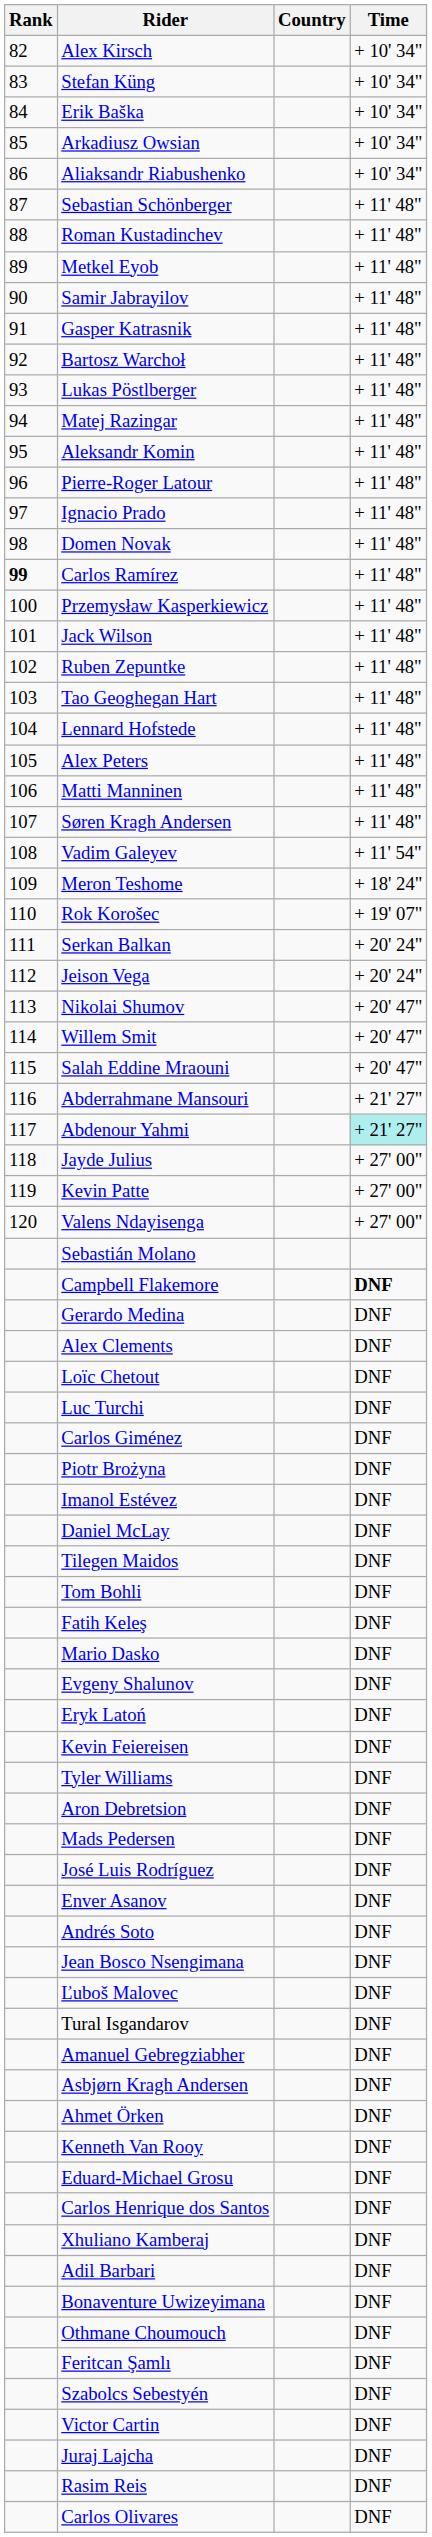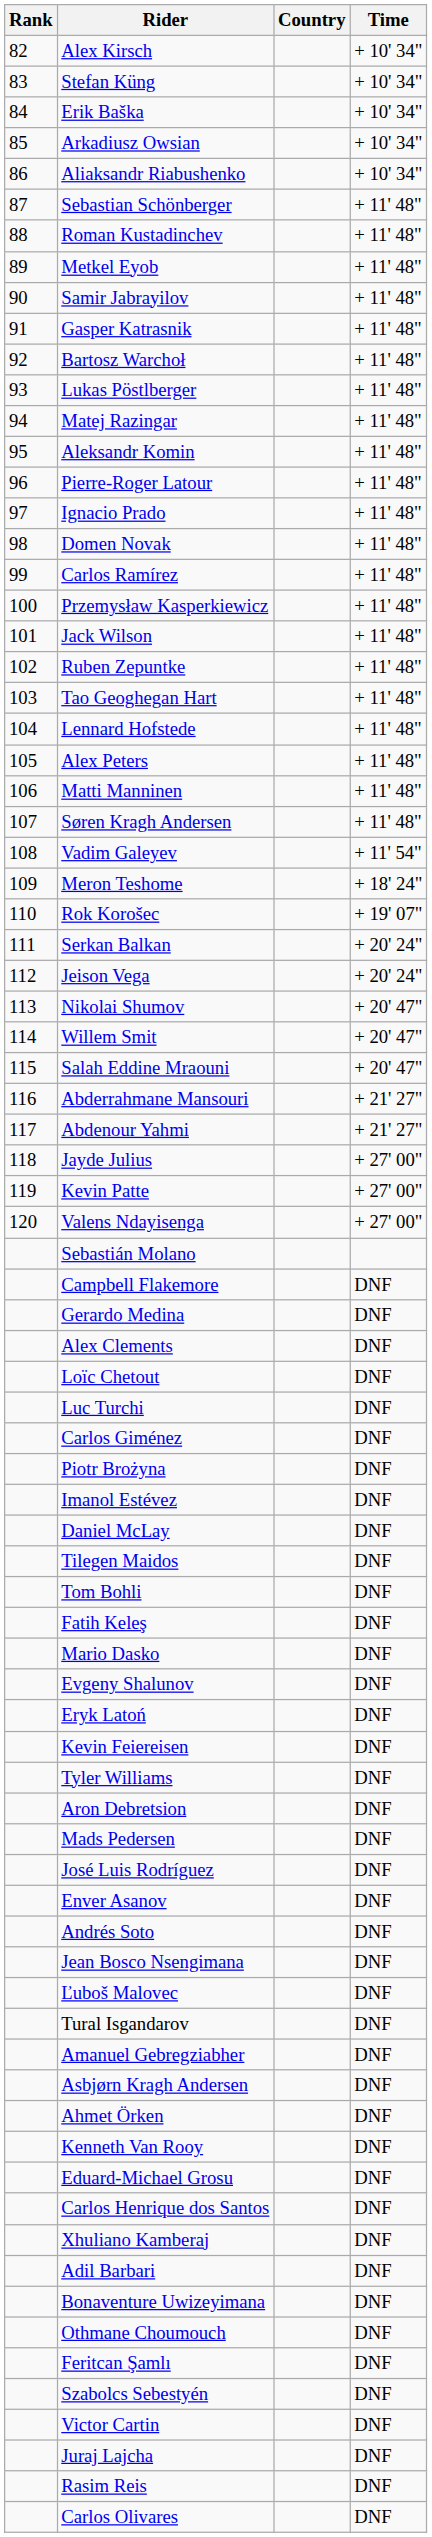 <table class="wikitable" style="font-size:95%; text-align:left;">
 <tr>
 <th>Rank</th>
 <th>Rider</th>
 <th>Country</th>
 <th>Time</th>
 </tr>
 <tr>
 <td>82</td>
 <td><a href='#'>Alex Kirsch</a></td>
 <td></td>
 <td>+ 10' 34"</td>
 </tr>
 <tr>
 <td>83</td>
 <td><a href='#'>Stefan Küng</a></td>
 <td></td>
 <td>+ 10' 34"</td>
 </tr>
 <tr>
 <td>84</td>
 <td><a href='#'>Erik Baška</a></td>
 <td></td>
 <td>+ 10' 34"</td>
 </tr>
 <tr>
 <td>85</td>
 <td><a href='#'>Arkadiusz Owsian</a></td>
 <td></td>
 <td>+ 10' 34"</td>
 </tr>
 <tr>
 <td>86</td>
 <td><a href='#'>Aliaksandr Riabushenko</a></td>
 <td></td>
 <td>+ 10' 34"</td>
 </tr>
 <tr>
 <td>87</td>
 <td><a href='#'>Sebastian Schönberger</a></td>
 <td></td>
 <td>+ 11' 48"</td>
 </tr>
 <tr>
 <td>88</td>
 <td><a href='#'>Roman Kustadinchev</a></td>
 <td></td>
 <td>+ 11' 48"</td>
 </tr>
 <tr>
 <td>89</td>
 <td><a href='#'>Metkel Eyob</a></td>
 <td></td>
 <td>+ 11' 48"</td>
 </tr>
 <tr>
 <td>90</td>
 <td><a href='#'>Samir Jabrayilov</a></td>
 <td></td>
 <td>+ 11' 48"</td>
 </tr>
 <tr>
 <td>91</td>
 <td><a href='#'>Gasper Katrasnik</a></td>
 <td></td>
 <td>+ 11' 48"</td>
 </tr>
 <tr>
 <td>92</td>
 <td><a href='#'>Bartosz Warchoł</a></td>
 <td></td>
 <td>+ 11' 48"</td>
 </tr>
 <tr>
 <td>93</td>
 <td><a href='#'>Lukas Pöstlberger</a></td>
 <td></td>
 <td>+ 11' 48"</td>
 </tr>
 <tr>
 <td>94</td>
 <td><a href='#'>Matej Razingar</a></td>
 <td></td>
 <td>+ 11' 48"</td>
 </tr>
 <tr>
 <td>95</td>
 <td><a href='#'>Aleksandr Komin</a></td>
 <td></td>
 <td>+ 11' 48"</td>
 </tr>
 <tr>
 <td>96</td>
 <td><a href='#'>Pierre-Roger Latour</a></td>
 <td></td>
 <td>+ 11' 48"</td>
 </tr>
 <tr>
 <td>97</td>
 <td><a href='#'>Ignacio Prado</a></td>
 <td></td>
 <td>+ 11' 48"</td>
 </tr>
 <tr>
 <td>98</td>
 <td><a href='#'>Domen Novak</a></td>
 <td></td>
 <td>+ 11' 48"</td>
 </tr>
 <tr>
-<td><strong>99</strong></td>
+<td>99</td>
 <td><a href='#'>Carlos Ramírez</a></td>
 <td></td>
 <td>+ 11' 48"</td>
 </tr>
 <tr>
 <td>100</td>
 <td><a href='#'>Przemysław Kasperkiewicz</a></td>
 <td></td>
 <td>+ 11' 48"</td>
 </tr>
 <tr>
 <td>101</td>
 <td><a href='#'>Jack Wilson</a></td>
 <td></td>
 <td>+ 11' 48"</td>
 </tr>
 <tr>
 <td>102</td>
 <td><a href='#'>Ruben Zepuntke</a></td>
 <td></td>
 <td>+ 11' 48"</td>
 </tr>
 <tr>
 <td>103</td>
 <td><a href='#'>Tao Geoghegan Hart</a></td>
 <td></td>
 <td>+ 11' 48"</td>
 </tr>
 <tr>
 <td>104</td>
 <td><a href='#'>Lennard Hofstede</a></td>
 <td></td>
 <td>+ 11' 48"</td>
 </tr>
 <tr>
 <td>105</td>
 <td><a href='#'>Alex Peters</a></td>
 <td></td>
 <td>+ 11' 48"</td>
 </tr>
 <tr>
 <td>106</td>
 <td><a href='#'>Matti Manninen</a></td>
 <td></td>
 <td>+ 11' 48"</td>
 </tr>
 <tr>
 <td>107</td>
 <td><a href='#'>Søren Kragh Andersen</a></td>
 <td></td>
 <td>+ 11' 48"</td>
 </tr>
 <tr>
 <td>108</td>
 <td><a href='#'>Vadim Galeyev</a></td>
 <td></td>
 <td>+ 11' 54"</td>
 </tr>
 <tr>
 <td>109</td>
 <td><a href='#'>Meron Teshome</a></td>
 <td></td>
 <td>+ 18' 24"</td>
 </tr>
 <tr>
 <td>110</td>
 <td><a href='#'>Rok Korošec</a></td>
 <td></td>
 <td>+ 19' 07"</td>
 </tr>
 <tr>
 <td>111</td>
 <td><a href='#'>Serkan Balkan</a></td>
 <td></td>
 <td>+ 20' 24"</td>
 </tr>
 <tr>
 <td>112</td>
 <td><a href='#'>Jeison Vega</a></td>
 <td></td>
 <td>+ 20' 24"</td>
 </tr>
 <tr>
 <td>113</td>
 <td><a href='#'>Nikolai Shumov</a></td>
 <td></td>
 <td>+ 20' 47"</td>
 </tr>
 <tr>
 <td>114</td>
 <td><a href='#'>Willem Smit</a></td>
 <td></td>
 <td>+ 20' 47"</td>
 </tr>
 <tr>
 <td>115</td>
 <td><a href='#'>Salah Eddine Mraouni</a></td>
 <td></td>
 <td>+ 20' 47"</td>
 </tr>
 <tr>
 <td>116</td>
 <td><a href='#'>Abderrahmane Mansouri</a></td>
 <td></td>
 <td>+ 21' 27"</td>
 </tr>
 <tr>
 <td>117</td>
 <td><a href='#'>Abdenour Yahmi</a></td>
 <td></td>
-<td style="background: paleturquoise;">+ 21' 27"</td>
+<td>+ 21' 27"</td>
 </tr>
 <tr>
 <td>118</td>
 <td><a href='#'>Jayde Julius</a></td>
 <td></td>
 <td>+ 27' 00"</td>
 </tr>
 <tr>
 <td>119</td>
 <td><a href='#'>Kevin Patte</a></td>
 <td></td>
 <td>+ 27' 00"</td>
 </tr>
 <tr>
 <td>120</td>
 <td><a href='#'>Valens Ndayisenga</a></td>
 <td></td>
 <td>+ 27' 00"</td>
 </tr>
 <tr>
 <td></td>
 <td><a href='#'>Sebastián Molano</a></td>
 <td></td>
 <td></td>
 </tr>
 <tr>
 <td></td>
 <td><a href='#'>Campbell Flakemore</a></td>
 <td></td>
-<td><strong>DNF</strong></td>
+<td>DNF</td>
 </tr>
 <tr>
 <td></td>
 <td><a href='#'>Gerardo Medina</a></td>
 <td></td>
 <td>DNF</td>
 </tr>
 <tr>
 <td></td>
 <td><a href='#'>Alex Clements</a></td>
 <td></td>
 <td>DNF</td>
 </tr>
 <tr>
 <td></td>
 <td><a href='#'>Loïc Chetout</a></td>
 <td></td>
 <td>DNF</td>
 </tr>
 <tr>
 <td></td>
 <td><a href='#'>Luc Turchi</a></td>
 <td></td>
 <td>DNF</td>
 </tr>
 <tr>
 <td></td>
 <td><a href='#'>Carlos Giménez</a></td>
 <td></td>
 <td>DNF</td>
 </tr>
 <tr>
 <td></td>
 <td><a href='#'>Piotr Brożyna</a></td>
 <td></td>
 <td>DNF</td>
 </tr>
 <tr>
 <td></td>
 <td><a href='#'>Imanol Estévez</a></td>
 <td></td>
 <td>DNF</td>
 </tr>
 <tr>
 <td></td>
 <td><a href='#'>Daniel McLay</a></td>
 <td></td>
 <td>DNF</td>
 </tr>
 <tr>
 <td></td>
 <td><a href='#'>Tilegen Maidos</a></td>
 <td></td>
 <td>DNF</td>
 </tr>
 <tr>
 <td></td>
 <td><a href='#'>Tom Bohli</a></td>
 <td></td>
 <td>DNF</td>
 </tr>
 <tr>
 <td></td>
 <td><a href='#'>Fatih Keleş</a></td>
 <td></td>
 <td>DNF</td>
 </tr>
 <tr>
 <td></td>
 <td><a href='#'>Mario Dasko</a></td>
 <td></td>
 <td>DNF</td>
 </tr>
 <tr>
 <td></td>
 <td><a href='#'>Evgeny Shalunov</a></td>
 <td></td>
 <td>DNF</td>
 </tr>
 <tr>
 <td></td>
 <td><a href='#'>Eryk Latoń</a></td>
 <td></td>
 <td>DNF</td>
 </tr>
 <tr>
 <td></td>
 <td><a href='#'>Kevin Feiereisen</a></td>
 <td></td>
 <td>DNF</td>
 </tr>
 <tr>
 <td></td>
 <td><a href='#'>Tyler Williams</a></td>
 <td></td>
 <td>DNF</td>
 </tr>
 <tr>
 <td></td>
 <td><a href='#'>Aron Debretsion</a></td>
 <td></td>
 <td>DNF</td>
 </tr>
 <tr>
 <td></td>
 <td><a href='#'>Mads Pedersen</a></td>
 <td></td>
 <td>DNF</td>
 </tr>
 <tr>
 <td></td>
 <td><a href='#'>José Luis Rodríguez</a></td>
 <td></td>
 <td>DNF</td>
 </tr>
 <tr>
 <td></td>
 <td><a href='#'>Enver Asanov</a></td>
 <td></td>
 <td>DNF</td>
 </tr>
 <tr>
 <td></td>
 <td><a href='#'>Andrés Soto</a></td>
 <td></td>
 <td>DNF</td>
 </tr>
 <tr>
 <td></td>
 <td><a href='#'>Jean Bosco Nsengimana</a></td>
 <td></td>
 <td>DNF</td>
 </tr>
 <tr>
 <td></td>
 <td><a href='#'>Ľuboš Malovec</a></td>
 <td></td>
 <td>DNF</td>
 </tr>
 <tr>
 <td></td>
 <td>Tural Isgandarov</td>
 <td></td>
 <td>DNF</td>
 </tr>
 <tr>
 <td></td>
 <td><a href='#'>Amanuel Gebregziabher</a></td>
 <td></td>
 <td>DNF</td>
 </tr>
 <tr>
 <td></td>
 <td><a href='#'>Asbjørn Kragh Andersen</a></td>
 <td></td>
 <td>DNF</td>
 </tr>
 <tr>
 <td></td>
 <td><a href='#'>Ahmet Örken</a></td>
 <td></td>
 <td>DNF</td>
 </tr>
 <tr>
 <td></td>
 <td><a href='#'>Kenneth Van Rooy</a></td>
 <td></td>
 <td>DNF</td>
 </tr>
 <tr>
 <td></td>
 <td><a href='#'>Eduard-Michael Grosu</a></td>
 <td></td>
 <td>DNF</td>
 </tr>
 <tr>
 <td></td>
 <td><a href='#'>Carlos Henrique dos Santos</a></td>
 <td></td>
 <td>DNF</td>
 </tr>
 <tr>
 <td></td>
 <td><a href='#'>Xhuliano Kamberaj</a></td>
 <td></td>
 <td>DNF</td>
 </tr>
 <tr>
 <td></td>
 <td><a href='#'>Adil Barbari</a></td>
 <td></td>
 <td>DNF</td>
 </tr>
 <tr>
 <td></td>
 <td><a href='#'>Bonaventure Uwizeyimana</a></td>
 <td></td>
 <td>DNF</td>
 </tr>
 <tr>
 <td></td>
 <td><a href='#'>Othmane Choumouch</a></td>
 <td></td>
 <td>DNF</td>
 </tr>
 <tr>
 <td></td>
 <td><a href='#'>Feritcan Şamlı</a></td>
 <td></td>
 <td>DNF</td>
 </tr>
 <tr>
 <td></td>
 <td><a href='#'>Szabolcs Sebestyén</a></td>
 <td></td>
 <td>DNF</td>
 </tr>
 <tr>
 <td></td>
 <td><a href='#'>Victor Cartin</a></td>
 <td></td>
 <td>DNF</td>
 </tr>
 <tr>
 <td></td>
 <td><a href='#'>Juraj Lajcha</a></td>
 <td></td>
 <td>DNF</td>
 </tr>
 <tr>
 <td></td>
 <td><a href='#'>Rasim Reis</a></td>
 <td></td>
 <td>DNF</td>
 </tr>
 <tr>
 <td></td>
 <td><a href='#'>Carlos Olivares</a></td>
 <td></td>
 <td>DNF</td>
 </tr>
 </table>
